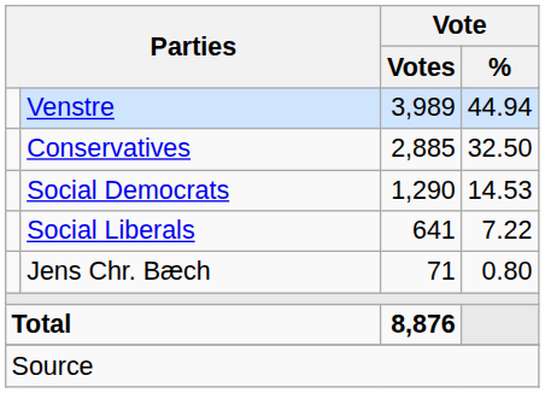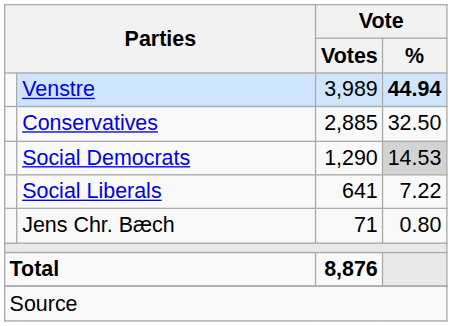 <table class="wikitable" style="text-align:right;">
 <tr>
 <th style="text-align:centre;" rowspan="2" colspan="2" width="225">Parties</th>
 <th colspan="3">Vote</th>
 </tr>
 <tr>
 <th width="15">Votes</th>
 <th width="15">%</th>
 </tr>
 <tr>
 <td width="2" style="color:inherit;background:"></td>
 <td bgcolor=#cfe5fe  align="left"><a href='#'>Venstre</a></td>
 <td bgcolor=#cfe5fe>3,989</td>
-<td bgcolor=#cfe5fe>44.94</td>
+<td bgcolor=#cfe5fe><strong>44.94</strong></td>
 </tr>
 <tr>
 <td width="2" style="color:inherit;background:"></td>
 <td align="left"><a href='#'>Conservatives</a></td>
 <td>2,885</td>
 <td>32.50</td>
 </tr>
 <tr>
 <td width="2" style="color:inherit;background:"></td>
 <td align="left"><a href='#'>Social Democrats</a></td>
 <td>1,290</td>
-<td>14.53</td>
+<td style="background: lightgrey;">14.53</td>
 </tr>
 <tr>
 <td width="2" style="color:inherit;background:"></td>
 <td align="left"><a href='#'>Social Liberals</a></td>
 <td>641</td>
 <td>7.22</td>
 </tr>
 <tr>
 <td width="2" style="color:inherit;background:"></td>
 <td align="left">Jens Chr. Bæch</td>
 <td>71</td>
 <td>0.80</td>
 </tr>
 <tr>
 <td colspan="7" bgcolor="#E9E9E9"></td>
 </tr>
 <tr>
 <td align="left" colspan="2"><strong>Total</strong></td>
 <td><strong>8,876</strong></td>
 <td bgcolor="#E9E9E9" colspan="2"></td>
 </tr>
 <tr>
 </tr>
 <tr>
 <td align="left" colspan="6">Source</td>
 </tr>
 </table>
